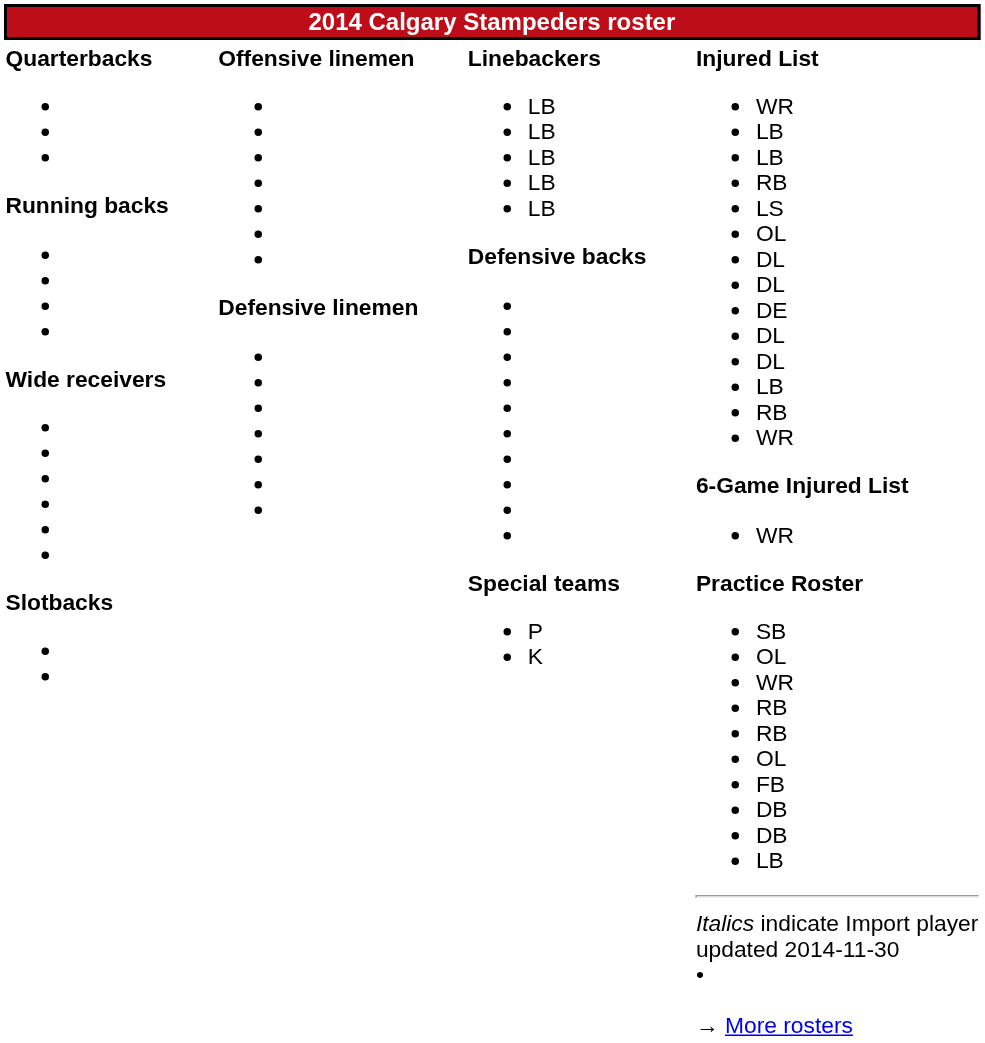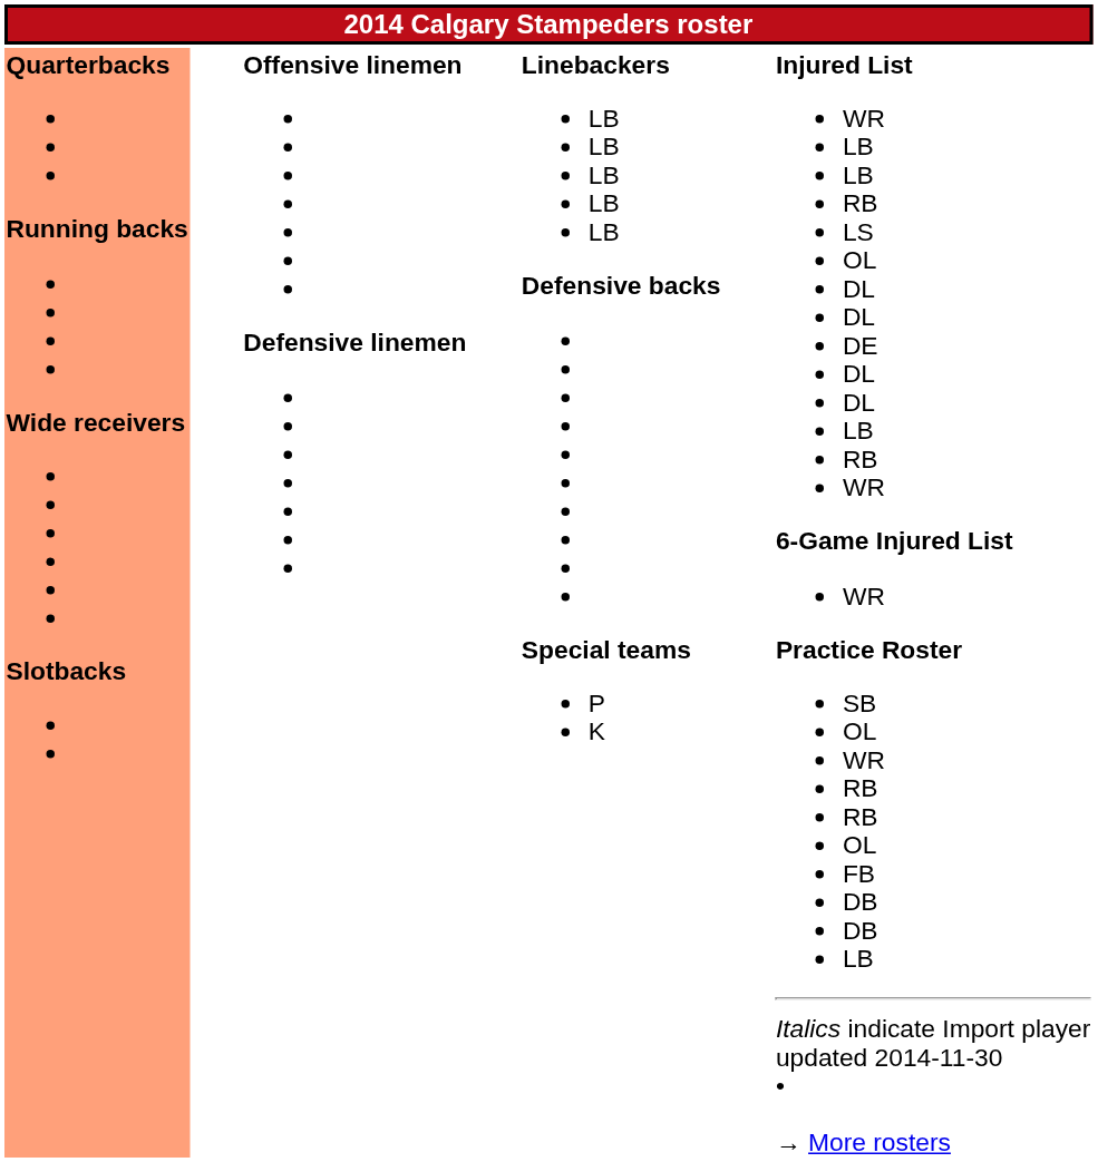 <table class="toccolours" style="text-align: left;">
 <tr>
 <th colspan="9" style="background-color: #BD0D18; color:white; border:2px solid black; text-align: center">2014 Calgary Stampeders roster</th>
 </tr>
 <tr>
-<td style="font-size: 95%;vertical-align:top;"><strong>Quarterbacks</strong><br><ul><li></li><li></li><li></li></ul><strong>Running backs</strong><ul><li></li><li></li><li></li><li></li></ul><strong>Wide receivers</strong><ul><li></li><li></li><li></li><li></li><li></li><li></li></ul><strong>Slotbacks</strong><ul><li></li><li></li></ul></td>
+<td style="background: lightsalmon; font-size: 95%;vertical-align:top;"><strong>Quarterbacks</strong><br><ul><li></li><li></li><li></li></ul><strong>Running backs</strong><ul><li></li><li></li><li></li><li></li></ul><strong>Wide receivers</strong><ul><li></li><li></li><li></li><li></li><li></li><li></li></ul><strong>Slotbacks</strong><ul><li></li><li></li></ul></td>
 <td style="width: 25px;"></td>
 <td style="font-size: 95%;vertical-align:top;"><strong>Offensive linemen</strong><br><ul><li></li><li></li><li></li><li></li><li></li><li></li><li></li></ul><strong>Defensive linemen</strong><ul><li></li><li></li><li></li><li></li><li></li><li></li><li></li></ul></td>
 <td style="width: 25px;"></td>
 <td style="font-size: 95%;vertical-align:top;"><strong>Linebackers </strong><br><ul><li> LB</li><li> LB</li><li> LB</li><li> LB</li><li> LB</li></ul><strong>Defensive backs</strong><ul><li></li><li></li><li></li><li></li><li></li><li></li><li></li><li></li><li></li><li></li></ul><strong>Special teams</strong><ul><li> P</li><li> K</li></ul></td>
 <td style="width: 25px;"></td>
 <td style="font-size: 95%;vertical-align:top;"><strong>Injured List</strong><br><ul><li> WR</li><li> LB</li><li> LB</li><li> RB</li><li> LS</li><li> OL</li><li> DL</li><li> DL</li><li> DE</li><li> DL</li><li> DL</li><li> LB</li><li> RB</li><li> WR</li></ul><strong>6-Game Injured List</strong><ul><li> WR</li></ul><strong>Practice Roster</strong><ul><li> SB</li><li> OL</li><li> WR</li><li> RB</li><li> RB</li><li> OL</li><li> FB</li><li> DB</li><li> DB</li><li> LB</li></ul><hr> <em>Italics</em> indicate Import player<br> <span></span> updated 2014-11-30<br> <span></span> • <span></span><br> <br>→ <a href='#'>More rosters</a></td>
 </tr>
 <tr>
 </tr>
 </table>
